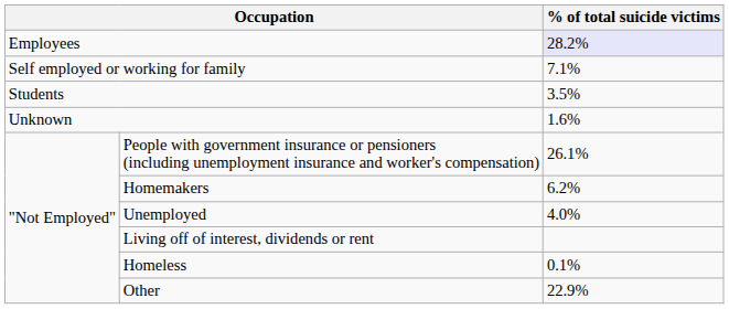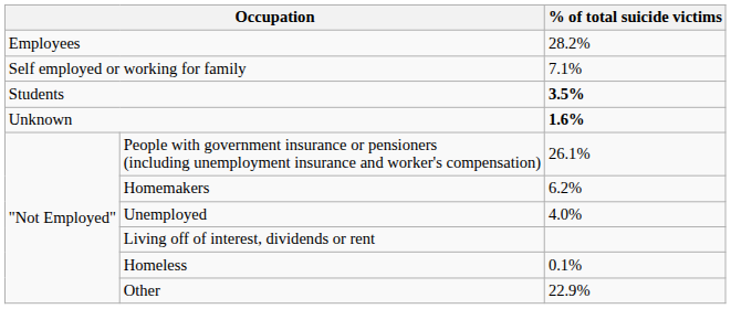 <table class="wikitable">
 <tr>
 <th colspan="2">Occupation</th>
 <th>% of total suicide victims</th>
 </tr>
 <tr>
 <td colspan="2">Employees</td>
-<td style="background: lavender;">28.2%</td>
+<td>28.2%</td>
 </tr>
 <tr>
 <td colspan="2">Self employed or working for family</td>
 <td>7.1%</td>
 </tr>
 <tr>
 <td colspan="2">Students</td>
-<td>3.5%</td>
+<td><strong>3.5%</strong></td>
 </tr>
 <tr>
 <td colspan="2">Unknown</td>
-<td>1.6%</td>
+<td><strong>1.6%</strong></td>
 </tr>
 <tr>
 <td rowspan="6">"Not Employed"</td>
 <td>People with government insurance or pensioners<br>(including unemployment insurance and worker's compensation)</td>
 <td>26.1%</td>
 </tr>
 <tr>
 <td>Homemakers</td>
 <td>6.2%</td>
 </tr>
 <tr>
 <td>Unemployed</td>
 <td>4.0%</td>
 </tr>
 <tr>
 <td>Living off of interest, dividends or rent</td>
 </tr>
 <tr>
 <td>Homeless</td>
 <td>0.1%</td>
 </tr>
 <tr>
 <td>Other</td>
 <td>22.9%</td>
 </tr>
 </table>
